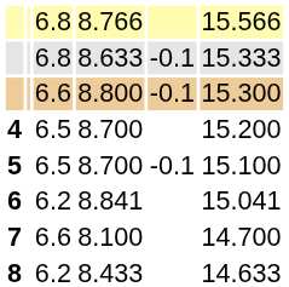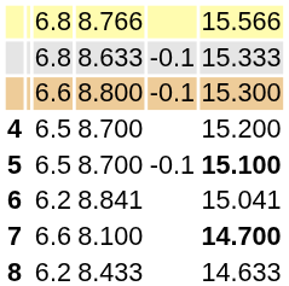 <table>
 <tr style="background: #fffcaf">
 <th scope=row style="text-align:center"></th>
 <td align=left></td>
 <td>6.8</td>
 <td>8.766</td>
 <td></td>
 <td>15.566</td>
 </tr>
 <tr style="background: #e5e5e5">
 <th scope=row style="text-align:center"></th>
 <td align=left></td>
 <td>6.8</td>
 <td>8.633</td>
 <td>-0.1</td>
 <td>15.333</td>
 </tr>
 <tr style="background: #eecc99">
 <th scope=row style="text-align:center"></th>
 <td align=left></td>
 <td>6.6</td>
 <td>8.800</td>
 <td>-0.1</td>
 <td>15.300</td>
 </tr>
 <tr>
 <th scope=row style="text-align:center">4</th>
 <td align=left></td>
 <td>6.5</td>
 <td>8.700</td>
 <td></td>
 <td>15.200</td>
 </tr>
 <tr>
 <th scope=row style="text-align:center">5</th>
 <td align=left></td>
 <td>6.5</td>
 <td>8.700</td>
 <td>-0.1</td>
-<td>15.100</td>
+<td><strong>15.100</strong></td>
 </tr>
 <tr>
 <th scope=row style="text-align:center">6</th>
 <td align=left></td>
 <td>6.2</td>
 <td>8.841</td>
 <td></td>
 <td>15.041</td>
 </tr>
 <tr>
 <th scope=row style="text-align:center">7</th>
 <td align=left></td>
 <td>6.6</td>
 <td>8.100</td>
 <td></td>
-<td>14.700</td>
+<td><strong>14.700</strong></td>
 </tr>
 <tr>
 <th scope=row style="text-align:center">8</th>
 <td align=left></td>
 <td>6.2</td>
 <td>8.433</td>
 <td></td>
 <td>14.633</td>
 </tr>
 </table>
